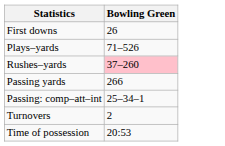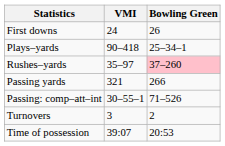 <table class="wikitable" style="float:left">
 <tr>
 <th>Statistics</th>
+<th>VMI</th>
 <th>Bowling Green</th>
 </tr>
 <tr>
 <td>First downs</td>
+<td>24</td>
 <td>26</td>
 </tr>
 <tr>
 <td>Plays–yards</td>
-<td>71–526</td>
+<td>90–418</td>
+<td>25–34–1</td>
 </tr>
 <tr>
 <td>Rushes–yards</td>
+<td>35–97</td>
 <td style="background: pink;">37–260</td>
 </tr>
 <tr>
 <td>Passing yards</td>
+<td>321</td>
 <td>266</td>
 </tr>
 <tr>
 <td>Passing: comp–att–int</td>
-<td>25–34–1</td>
+<td>30–55–1</td>
+<td>71–526</td>
 </tr>
 <tr>
 <td>Turnovers</td>
+<td>3</td>
 <td>2</td>
 </tr>
 <tr>
 <td>Time of possession</td>
+<td>39:07</td>
 <td>20:53</td>
 </tr>
 </table>
